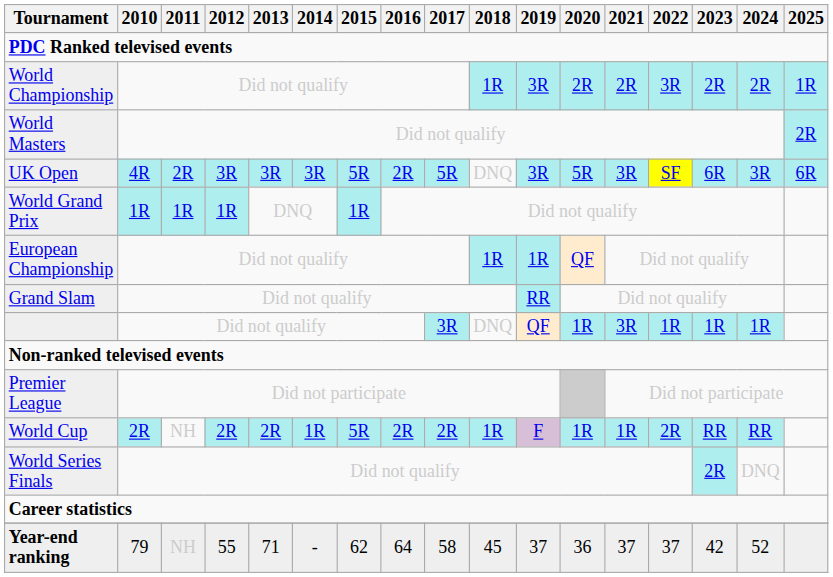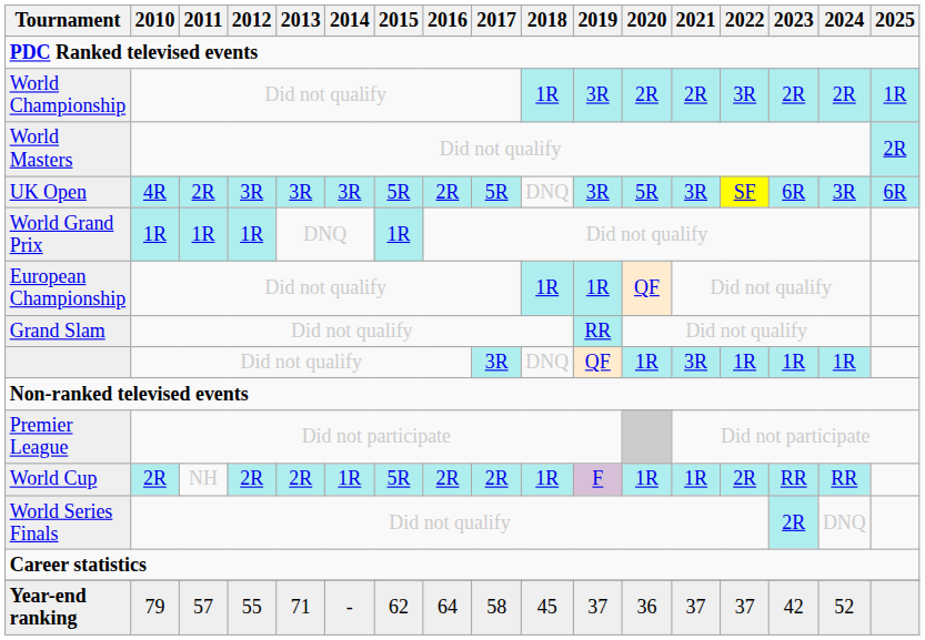 <table class="wikitable" style="width:20%; margin:0">
 <tr>
 <th>Tournament</th>
 <th>2010</th>
 <th>2011</th>
 <th>2012</th>
 <th>2013</th>
 <th>2014</th>
 <th>2015</th>
 <th>2016</th>
 <th>2017</th>
 <th>2018</th>
 <th>2019</th>
 <th>2020</th>
 <th>2021</th>
 <th>2022</th>
 <th>2023</th>
 <th>2024</th>
 <th>2025</th>
 </tr>
 <tr>
 <td colspan="28" style="text-align:left"><strong><a href='#'>PDC</a> Ranked televised events</strong></td>
 </tr>
 <tr>
 <td style="background:#efefef;"><a href='#'>World Championship</a></td>
 <td colspan="8" style="text-align:center; color:#ccc;">Did not qualify</td>
 <td style="text-align:center; background:#afeeee;"><a href='#'>1R</a></td>
 <td style="text-align:center; background:#afeeee;"><a href='#'>3R</a></td>
 <td style="text-align:center; background:#afeeee;"><a href='#'>2R</a></td>
 <td style="text-align:center; background:#afeeee;"><a href='#'>2R</a></td>
 <td style="text-align:center; background:#afeeee;"><a href='#'>3R</a></td>
 <td style="text-align:center; background:#afeeee;"><a href='#'>2R</a></td>
 <td style="text-align:center; background:#afeeee;"><a href='#'>2R</a></td>
 <td style="text-align:center; background:#afeeee;"><a href='#'>1R</a></td>
 </tr>
 <tr>
 <td style="background:#efefef;"><a href='#'>World Masters</a></td>
 <td colspan="15" style="text-align:center; color:#ccc;">Did not qualify</td>
 <td style="text-align:center; background:#afeeee;"><a href='#'>2R</a></td>
 </tr>
 <tr>
 <td style="background:#efefef;"><a href='#'>UK Open</a></td>
 <td style="text-align:center; background:#afeeee;"><a href='#'>4R</a></td>
 <td style="text-align:center; background:#afeeee;"><a href='#'>2R</a></td>
 <td style="text-align:center; background:#afeeee;"><a href='#'>3R</a></td>
 <td style="text-align:center; background:#afeeee;"><a href='#'>3R</a></td>
 <td style="text-align:center; background:#afeeee;"><a href='#'>3R</a></td>
 <td style="text-align:center; background:#afeeee;"><a href='#'>5R</a></td>
 <td style="text-align:center; background:#afeeee;"><a href='#'>2R</a></td>
 <td style="text-align:center; background:#afeeee;"><a href='#'>5R</a></td>
 <td colspan="1" style="text-align:center; color:#ccc;">DNQ</td>
 <td style="text-align:center; background:#afeeee;"><a href='#'>3R</a></td>
 <td style="text-align:center; background:#afeeee;"><a href='#'>5R</a></td>
 <td style="text-align:center; background:#afeeee;"><a href='#'>3R</a></td>
 <td style="text-align:center; background:yellow;"><a href='#'>SF</a></td>
 <td style="text-align:center; background:#afeeee;"><a href='#'>6R</a></td>
 <td style="text-align:center; background:#afeeee;"><a href='#'>3R</a></td>
 <td style="text-align:center; background:#afeeee;"><a href='#'>6R</a></td>
 </tr>
 <tr>
 <td style="background:#efefef;"><a href='#'>World Grand Prix</a></td>
 <td style="text-align:center; background:#afeeee;"><a href='#'>1R</a></td>
 <td style="text-align:center; background:#afeeee;"><a href='#'>1R</a></td>
 <td style="text-align:center; background:#afeeee;"><a href='#'>1R</a></td>
 <td colspan="2" style="text-align:center; color:#ccc;">DNQ</td>
 <td style="text-align:center; background:#afeeee;"><a href='#'>1R</a></td>
 <td colspan="9" style="text-align:center; color:#ccc;">Did not qualify</td>
 <td></td>
 </tr>
 <tr>
 <td style="background:#efefef;"><a href='#'>European Championship</a></td>
 <td colspan="8" style="text-align:center; color:#ccc;">Did not qualify</td>
 <td style="text-align:center; background:#afeeee;"><a href='#'>1R</a></td>
 <td style="text-align:center; background:#afeeee;"><a href='#'>1R</a></td>
 <td style="text-align:center; background:#ffebcd;"><a href='#'>QF</a></td>
 <td colspan="4" style="text-align:center; color:#ccc;">Did not qualify</td>
 <td></td>
 </tr>
 <tr>
 <td style="background:#efefef;"><a href='#'>Grand Slam</a></td>
 <td colspan="9" style="text-align:center; color:#ccc;">Did not qualify</td>
 <td style="text-align:center; background:#afeeee;"><a href='#'>RR</a></td>
 <td colspan="5" style="text-align:center; color:#ccc;">Did not qualify</td>
 <td></td>
 </tr>
 <tr>
 <td style="background:#efefef;"></td>
 <td colspan="7" style="text-align:center; color:#ccc;">Did not qualify</td>
 <td style="text-align:center; background:#afeeee;"><a href='#'>3R</a></td>
 <td style="text-align:center; color:#ccc;">DNQ</td>
 <td style="text-align:center; background:#ffebcd;"><a href='#'>QF</a></td>
 <td style="text-align:center; background:#afeeee;"><a href='#'>1R</a></td>
 <td style="text-align:center; background:#afeeee;"><a href='#'>3R</a></td>
 <td style="text-align:center; background:#afeeee;"><a href='#'>1R</a></td>
 <td style="text-align:center; background:#afeeee;"><a href='#'>1R</a></td>
 <td style="text-align:center; background:#afeeee;"><a href='#'>1R</a></td>
 <td></td>
 </tr>
 <tr>
 <td colspan="17" align="left"><strong>Non-ranked televised events</strong></td>
 </tr>
 <tr>
 <td style="background:#efefef;"><a href='#'>Premier League</a></td>
 <td colspan="10" style="text-align:center; color:#ccc;">Did not participate</td>
 <td style="text-align:center; background:#ccc;"><a href='#'></a></td>
 <td colspan="5" style="text-align:center; color:#ccc;">Did not participate</td>
 </tr>
 <tr>
 <td style="background:#efefef;"><a href='#'>World Cup</a></td>
 <td style="text-align:center; background:#afeeee;"><a href='#'>2R</a></td>
 <td style="text-align:center; color:#ccc;">NH</td>
 <td style="text-align:center; background:#afeeee;"><a href='#'>2R</a></td>
 <td style="text-align:center; background:#afeeee;"><a href='#'>2R</a></td>
 <td style="text-align:center; background:#afeeee;"><a href='#'>1R</a></td>
 <td style="text-align:center; background:#afeeee;"><a href='#'>5R</a></td>
 <td style="text-align:center; background:#afeeee;"><a href='#'>2R</a></td>
 <td style="text-align:center; background:#afeeee;"><a href='#'>2R</a></td>
 <td style="text-align:center; background:#afeeee;"><a href='#'>1R</a></td>
 <td style="text-align:center; background:thistle;"><a href='#'>F</a></td>
 <td style="text-align:center; background:#afeeee;"><a href='#'>1R</a></td>
 <td style="text-align:center; background:#afeeee;"><a href='#'>1R</a></td>
 <td style="text-align:center; background:#afeeee;"><a href='#'>2R</a></td>
 <td style="text-align:center; background:#afeeee;"><a href='#'>RR</a></td>
 <td style="text-align:center; background:#afeeee;"><a href='#'>RR</a></td>
 <td></td>
 </tr>
 <tr>
 <td style="background:#efefef;"><a href='#'>World Series Finals</a></td>
 <td colspan="13" style="text-align:center; color:#ccc;">Did not qualify</td>
 <td style="text-align:center; background:#afeeee;"><a href='#'>2R</a></td>
 <td style="text-align:center; color:#ccc;">DNQ</td>
 <td></td>
 </tr>
 <tr>
 <td colspan="18" align="left"><strong>Career statistics</strong></td>
 </tr>
 <tr>
 </tr>
 <tr bgcolor="efefef">
 <td align="left"><strong>Year-end ranking</strong></td>
 <td style="text-align:center;">79</td>
-<td style="text-align:center; color:#ccc;">NH</td>
+<td style="text-align:center;">57</td>
 <td style="text-align:center;">55</td>
 <td style="text-align:center;">71</td>
 <td style="text-align:center;">-</td>
 <td style="text-align:center;">62</td>
 <td style="text-align:center;">64</td>
 <td style="text-align:center;">58</td>
 <td style="text-align:center;">45</td>
 <td style="text-align:center;">37</td>
 <td style="text-align:center;">36</td>
 <td style="text-align:center;">37</td>
 <td style="text-align:center;">37</td>
 <td style="text-align:center;">42</td>
 <td style="text-align:center;">52</td>
 <td></td>
 </tr>
 </table>
